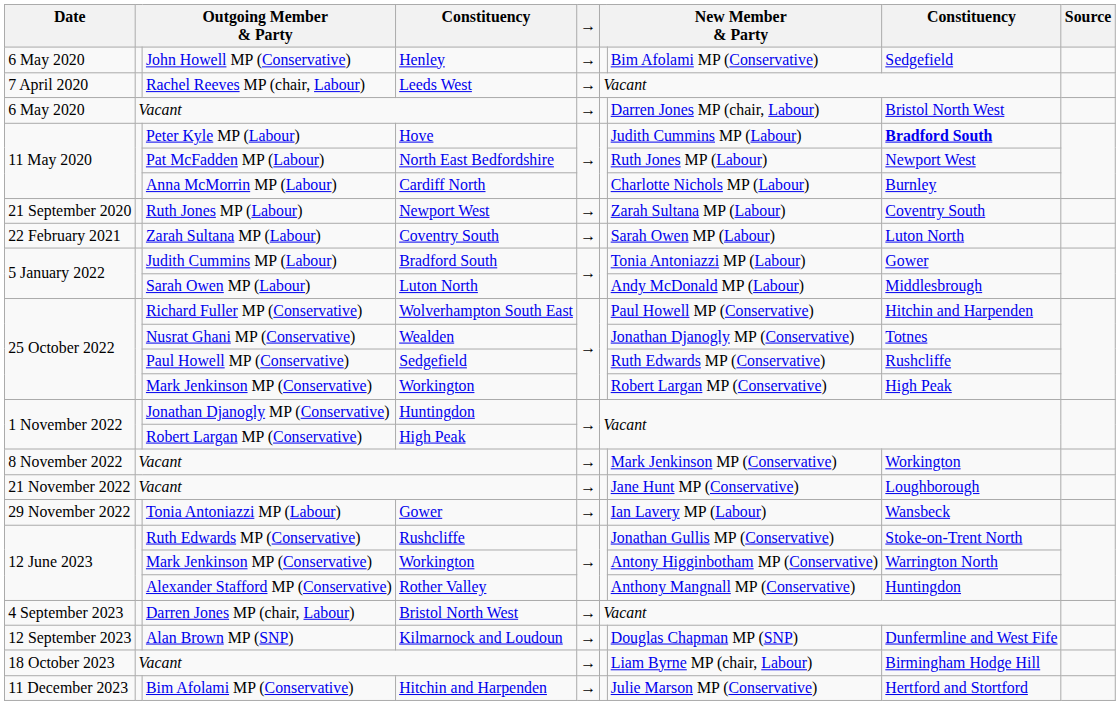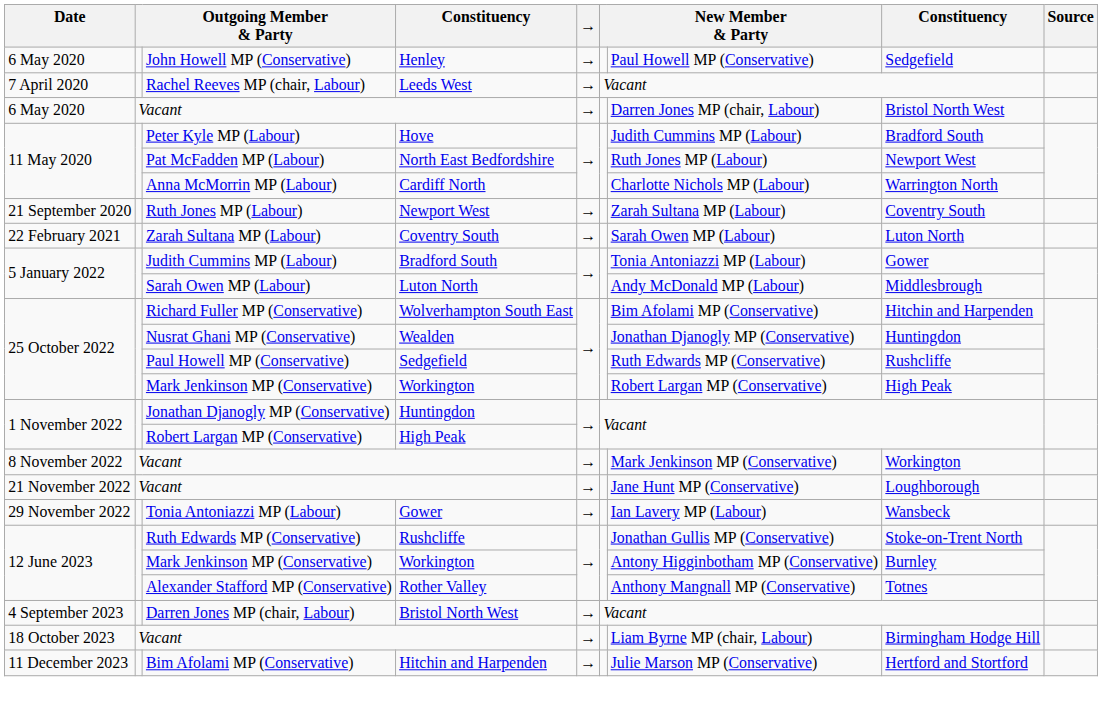 <table class="wikitable">
 <tr>
 <th valign="top">Date</th>
 <th colspan="2" valign="top">Outgoing Member<br>& Party</th>
 <th valign="top">Constituency</th>
 <th>→</th>
 <th colspan="2" valign="top">New Member<br>& Party</th>
 <th valign="top">Constituency</th>
 <th valign="top">Source</th>
 </tr>
 <tr>
 <td>6 May 2020</td>
 <td style="color:inherit;background:"></td>
 <td><a href='#'>John Howell</a> MP (<a href='#'>Conservative</a>)</td>
 <td><a href='#'>Henley</a></td>
 <td>→</td>
 <td style="color:inherit;background:"></td>
-<td><a href='#'>Bim Afolami</a> MP (<a href='#'>Conservative</a>)</td>
+<td><a href='#'>Paul Howell</a> MP (<a href='#'>Conservative</a>)</td>
 <td><a href='#'>Sedgefield</a></td>
 <td></td>
 </tr>
 <tr>
 <td>7 April 2020</td>
 <td style="color:inherit;background:"></td>
 <td><a href='#'>Rachel Reeves</a> MP (chair, <a href='#'>Labour</a>)</td>
 <td><a href='#'>Leeds West</a></td>
 <td>→</td>
 <td colspan=3><em>Vacant</em></td>
 <td></td>
 </tr>
 <tr>
 <td>6 May 2020</td>
 <td colspan=3><em>Vacant</em></td>
 <td>→</td>
 <td style="color:inherit;background:"></td>
 <td><a href='#'>Darren Jones</a> MP (chair, <a href='#'>Labour</a>)</td>
 <td><a href='#'>Bristol North West</a></td>
 <td></td>
 </tr>
 <tr>
 <td rowspan=3>11 May 2020</td>
 <td rowspan=3 style="color:inherit;background:"></td>
 <td><a href='#'>Peter Kyle</a> MP (<a href='#'>Labour</a>)</td>
 <td><a href='#'>Hove</a></td>
 <td rowspan=3>→</td>
 <td rowspan=3 style="color:inherit;background:"></td>
 <td><a href='#'>Judith Cummins</a> MP (<a href='#'>Labour</a>)</td>
-<td><strong><a href='#'>Bradford South</a></strong></td>
+<td><a href='#'>Bradford South</a></td>
 <td rowspan=3></td>
 </tr>
 <tr>
 <td><a href='#'>Pat McFadden</a> MP (<a href='#'>Labour</a>)</td>
 <td><a href='#'>North East Bedfordshire</a></td>
 <td><a href='#'>Ruth Jones</a> MP (<a href='#'>Labour</a>)</td>
 <td><a href='#'>Newport West</a></td>
 </tr>
 <tr>
 <td><a href='#'>Anna McMorrin</a> MP (<a href='#'>Labour</a>)</td>
 <td><a href='#'>Cardiff North</a></td>
 <td><a href='#'>Charlotte Nichols</a> MP (<a href='#'>Labour</a>)</td>
-<td><a href='#'>Burnley</a></td>
+<td><a href='#'>Warrington North</a></td>
 </tr>
 <tr>
 <td>21 September 2020</td>
 <td style="color:inherit;background:"></td>
 <td><a href='#'>Ruth Jones</a> MP (<a href='#'>Labour</a>)</td>
 <td><a href='#'>Newport West</a></td>
 <td>→</td>
 <td style="color:inherit;background:"></td>
 <td><a href='#'>Zarah Sultana</a> MP (<a href='#'>Labour</a>)</td>
 <td><a href='#'>Coventry South</a></td>
 <td></td>
 </tr>
 <tr>
 <td>22 February 2021</td>
 <td style="color:inherit;background:"></td>
 <td><a href='#'>Zarah Sultana</a> MP (<a href='#'>Labour</a>)</td>
 <td><a href='#'>Coventry South</a></td>
 <td>→</td>
 <td style="color:inherit;background:"></td>
 <td><a href='#'>Sarah Owen</a> MP (<a href='#'>Labour</a>)</td>
 <td><a href='#'>Luton North</a></td>
 <td></td>
 </tr>
 <tr>
 <td rowspan=2>5 January 2022</td>
 <td rowspan=2 style="color:inherit;background:"></td>
 <td><a href='#'>Judith Cummins</a> MP (<a href='#'>Labour</a>)</td>
 <td><a href='#'>Bradford South</a></td>
 <td rowspan=2>→</td>
 <td rowspan=2 style="color:inherit;background:"></td>
 <td><a href='#'>Tonia Antoniazzi</a> MP (<a href='#'>Labour</a>)</td>
 <td><a href='#'>Gower</a></td>
 <td rowspan=2></td>
 </tr>
 <tr>
 <td><a href='#'>Sarah Owen</a> MP (<a href='#'>Labour</a>)</td>
 <td><a href='#'>Luton North</a></td>
 <td><a href='#'>Andy McDonald</a> MP (<a href='#'>Labour</a>)</td>
 <td><a href='#'>Middlesbrough</a></td>
 </tr>
 <tr>
 <td rowspan=4>25 October 2022</td>
 <td rowspan=4 style="color:inherit;background:"></td>
 <td><a href='#'>Richard Fuller</a> MP (<a href='#'>Conservative</a>)</td>
 <td><a href='#'>Wolverhampton South East</a></td>
 <td rowspan=4>→</td>
 <td rowspan=4 style="color:inherit;background:"></td>
-<td><a href='#'>Paul Howell</a> MP (<a href='#'>Conservative</a>)</td>
+<td><a href='#'>Bim Afolami</a> MP (<a href='#'>Conservative</a>)</td>
 <td><a href='#'>Hitchin and Harpenden</a></td>
 <td rowspan=4></td>
 </tr>
 <tr>
 <td><a href='#'>Nusrat Ghani</a> MP (<a href='#'>Conservative</a>)</td>
 <td><a href='#'>Wealden</a></td>
 <td><a href='#'>Jonathan Djanogly</a> MP (<a href='#'>Conservative</a>)</td>
-<td><a href='#'>Totnes</a></td>
+<td><a href='#'>Huntingdon</a></td>
 </tr>
 <tr>
 <td><a href='#'>Paul Howell</a> MP (<a href='#'>Conservative</a>)</td>
 <td><a href='#'>Sedgefield</a></td>
 <td><a href='#'>Ruth Edwards</a> MP (<a href='#'>Conservative</a>)</td>
 <td><a href='#'>Rushcliffe</a></td>
 </tr>
 <tr>
 <td><a href='#'>Mark Jenkinson</a> MP (<a href='#'>Conservative</a>)</td>
 <td><a href='#'>Workington</a></td>
 <td><a href='#'>Robert Largan</a> MP (<a href='#'>Conservative</a>)</td>
 <td><a href='#'>High Peak</a></td>
 </tr>
 <tr>
 <td rowspan=2>1 November 2022</td>
 <td rowspan=2 style="color:inherit;background:"></td>
 <td><a href='#'>Jonathan Djanogly</a> MP (<a href='#'>Conservative</a>)</td>
 <td><a href='#'>Huntingdon</a></td>
 <td rowspan=2>→</td>
 <td rowspan=2 colspan=3><em>Vacant</em></td>
 <td rowspan=2></td>
 </tr>
 <tr>
 <td><a href='#'>Robert Largan</a> MP (<a href='#'>Conservative</a>)</td>
 <td><a href='#'>High Peak</a></td>
 </tr>
 <tr>
 <td>8 November 2022</td>
 <td colspan=3><em>Vacant</em></td>
 <td>→</td>
 <td style="color:inherit;background:"></td>
 <td><a href='#'>Mark Jenkinson</a> MP (<a href='#'>Conservative</a>)</td>
 <td><a href='#'>Workington</a></td>
 <td></td>
 </tr>
 <tr>
 <td>21 November 2022</td>
 <td colspan=3><em>Vacant</em></td>
 <td>→</td>
 <td style="color:inherit;background:"></td>
 <td><a href='#'>Jane Hunt</a> MP (<a href='#'>Conservative</a>)</td>
 <td><a href='#'>Loughborough</a></td>
 <td></td>
 </tr>
 <tr>
 <td>29 November 2022</td>
 <td style="color:inherit;background:"></td>
 <td><a href='#'>Tonia Antoniazzi</a> MP (<a href='#'>Labour</a>)</td>
 <td><a href='#'>Gower</a></td>
 <td>→</td>
 <td style="color:inherit;background:"></td>
 <td><a href='#'>Ian Lavery</a> MP (<a href='#'>Labour</a>)</td>
 <td><a href='#'>Wansbeck</a></td>
 <td></td>
 </tr>
 <tr>
 <td rowspan=3>12 June 2023</td>
 <td rowspan=3 style="color:inherit;background:"></td>
 <td><a href='#'>Ruth Edwards</a> MP (<a href='#'>Conservative</a>)</td>
 <td><a href='#'>Rushcliffe</a></td>
 <td rowspan=3>→</td>
 <td rowspan=3 style="color:inherit;background:"></td>
 <td><a href='#'>Jonathan Gullis</a> MP (<a href='#'>Conservative</a>)</td>
 <td><a href='#'>Stoke-on-Trent North</a></td>
 <td rowspan=3></td>
 </tr>
 <tr>
 <td><a href='#'>Mark Jenkinson</a> MP (<a href='#'>Conservative</a>)</td>
 <td><a href='#'>Workington</a></td>
 <td><a href='#'>Antony Higginbotham</a> MP (<a href='#'>Conservative</a>)</td>
-<td><a href='#'>Warrington North</a></td>
+<td><a href='#'>Burnley</a></td>
 </tr>
 <tr>
 <td><a href='#'>Alexander Stafford</a> MP (<a href='#'>Conservative</a>)</td>
 <td><a href='#'>Rother Valley</a></td>
 <td><a href='#'>Anthony Mangnall</a> MP (<a href='#'>Conservative</a>)</td>
-<td><a href='#'>Huntingdon</a></td>
+<td><a href='#'>Totnes</a></td>
 </tr>
 <tr>
 <td>4 September 2023</td>
 <td style="color:inherit;background:"></td>
 <td><a href='#'>Darren Jones</a> MP (chair, <a href='#'>Labour</a>)</td>
 <td><a href='#'>Bristol North West</a></td>
 <td>→</td>
 <td colspan=3><em>Vacant</em></td>
-<td></td>
-</tr>
-<tr>
-<td>12 September 2023</td>
-<td style="color:inherit;background:"></td>
-<td><a href='#'>Alan Brown</a> MP (<a href='#'>SNP</a>)</td>
-<td><a href='#'>Kilmarnock and Loudoun</a></td>
-<td>→</td>
-<td style="color:inherit;background:"></td>
-<td><a href='#'>Douglas Chapman</a> MP (<a href='#'>SNP</a>)</td>
-<td><a href='#'>Dunfermline and West Fife</a></td>
 <td></td>
 </tr>
 <tr>
 <td>18 October 2023</td>
 <td colspan=3><em>Vacant</em></td>
 <td>→</td>
 <td style="color:inherit;background:"></td>
 <td><a href='#'>Liam Byrne</a> MP (chair, <a href='#'>Labour</a>)</td>
 <td><a href='#'>Birmingham Hodge Hill</a></td>
 <td></td>
 </tr>
 <tr>
 <td>11 December 2023</td>
 <td style="color:inherit;background:"></td>
 <td><a href='#'>Bim Afolami</a> MP (<a href='#'>Conservative</a>)</td>
 <td><a href='#'>Hitchin and Harpenden</a></td>
 <td>→</td>
 <td style="color:inherit;background:"></td>
 <td><a href='#'>Julie Marson</a> MP (<a href='#'>Conservative</a>)</td>
 <td><a href='#'>Hertford and Stortford</a></td>
 <td></td>
 </tr>
 </table>
